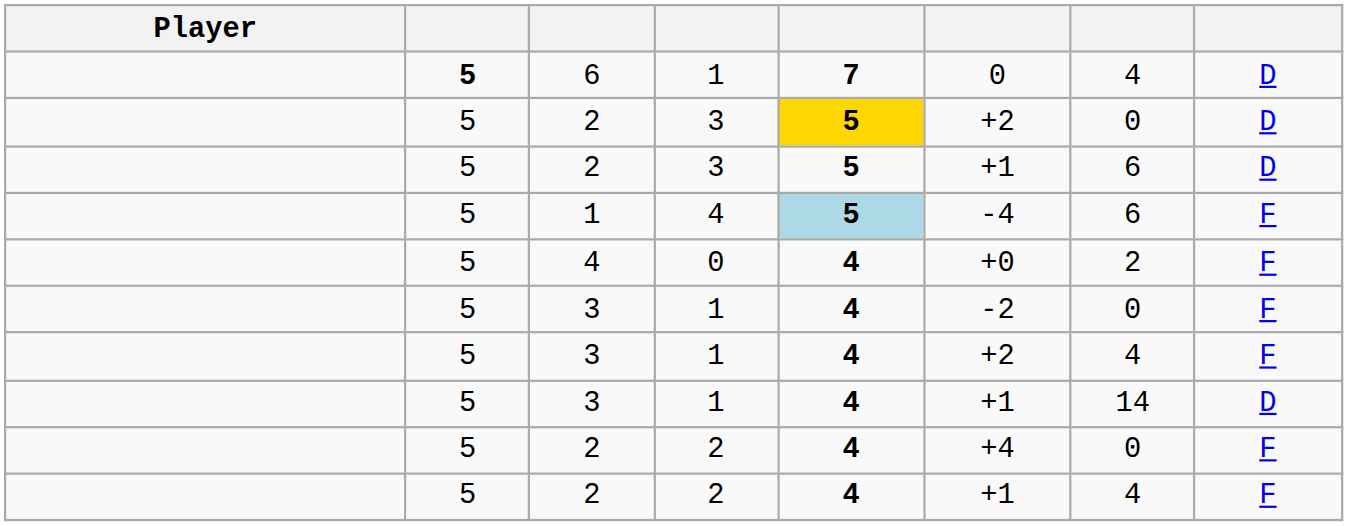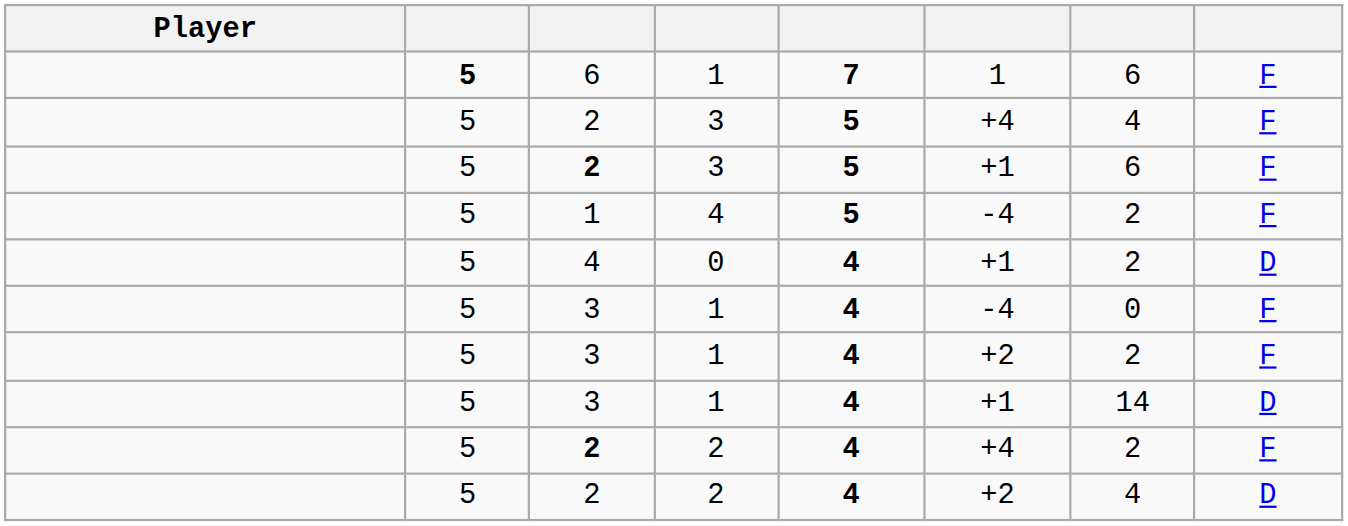 <table class="wikitable sortable" style="text-align:center;">
 <tr>
 <th width="175px">Player</th>
 <th width="50px"></th>
 <th width="50px"></th>
 <th width="50px"></th>
 <th width="60px"></th>
 <th width="60px"></th>
 <th width="50px"></th>
 <th width="60px"></th>
 </tr>
 <tr>
 <td align="left"> </td>
 <td><strong>5</strong></td>
 <td>6</td>
 <td>1</td>
 <td><strong>7</strong></td>
-<td>0</td>
-<td>4</td>
-<td><a href='#'>D</a></td>
-</tr>
-<tr>
-<td align="left"> </td>
-<td>5</td>
-<td>2</td>
-<td>3</td>
-<td style="background: gold;"><strong>5</strong></td>
-<td>+2</td>
-<td>0</td>
-<td><a href='#'>D</a></td>
+<td>1</td>
+<td>6</td>
+<td><a href='#'>F</a></td>
 </tr>
 <tr>
 <td align="left"> </td>
 <td>5</td>
 <td>2</td>
 <td>3</td>
 <td><strong>5</strong></td>
+<td>+4</td>
+<td>4</td>
+<td><a href='#'>F</a></td>
+</tr>
+<tr>
+<td align="left"> </td>
+<td>5</td>
+<td><strong>2</strong></td>
+<td>3</td>
+<td><strong>5</strong></td>
 <td>+1</td>
 <td>6</td>
-<td><a href='#'>D</a></td>
+<td><a href='#'>F</a></td>
 </tr>
 <tr>
 <td align="left"> </td>
 <td>5</td>
 <td>1</td>
 <td>4</td>
-<td style="background: lightblue;"><strong>5</strong></td>
+<td><strong>5</strong></td>
 <td>-4</td>
-<td>6</td>
+<td>2</td>
 <td><a href='#'>F</a></td>
 </tr>
 <tr>
 <td align="left"> </td>
 <td>5</td>
 <td>4</td>
 <td>0</td>
 <td><strong>4</strong></td>
-<td>+0</td>
+<td>+1</td>
 <td>2</td>
-<td><a href='#'>F</a></td>
+<td><a href='#'>D</a></td>
 </tr>
 <tr>
 <td align="left"> </td>
 <td>5</td>
 <td>3</td>
 <td>1</td>
 <td><strong>4</strong></td>
-<td>-2</td>
+<td>-4</td>
 <td>0</td>
 <td><a href='#'>F</a></td>
 </tr>
 <tr>
 <td align="left"> </td>
 <td>5</td>
 <td>3</td>
 <td>1</td>
 <td><strong>4</strong></td>
 <td>+2</td>
-<td>4</td>
+<td>2</td>
 <td><a href='#'>F</a></td>
 </tr>
 <tr>
 <td align="left"> </td>
 <td>5</td>
 <td>3</td>
 <td>1</td>
 <td><strong>4</strong></td>
 <td>+1</td>
 <td>14</td>
 <td><a href='#'>D</a></td>
 </tr>
 <tr>
 <td align="left"> </td>
 <td>5</td>
-<td>2</td>
+<td><strong>2</strong></td>
 <td>2</td>
 <td><strong>4</strong></td>
 <td>+4</td>
-<td>0</td>
+<td>2</td>
 <td><a href='#'>F</a></td>
 </tr>
 <tr>
 <td align="left"> </td>
 <td>5</td>
 <td>2</td>
 <td>2</td>
 <td><strong>4</strong></td>
-<td>+1</td>
+<td>+2</td>
 <td>4</td>
-<td><a href='#'>F</a></td>
+<td><a href='#'>D</a></td>
 </tr>
 </table>
